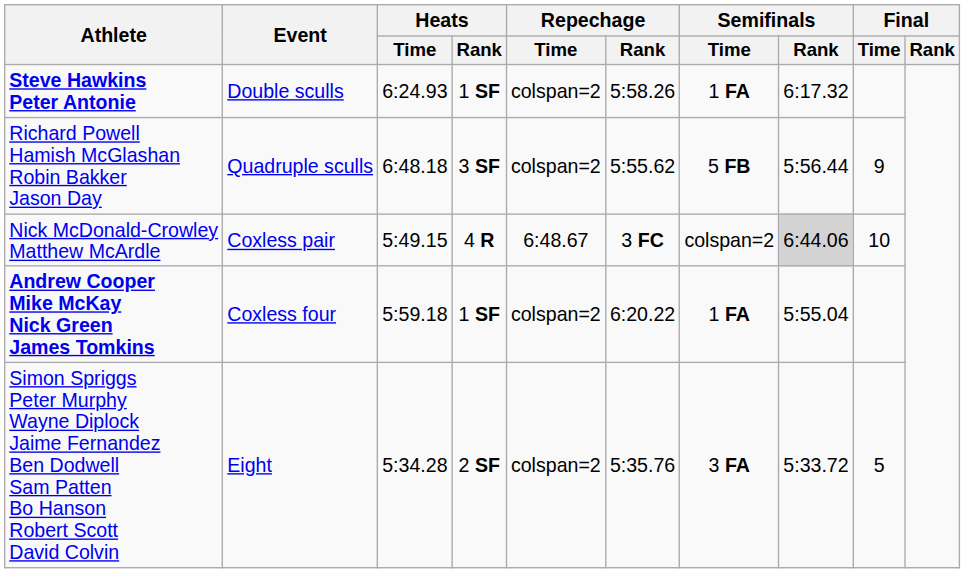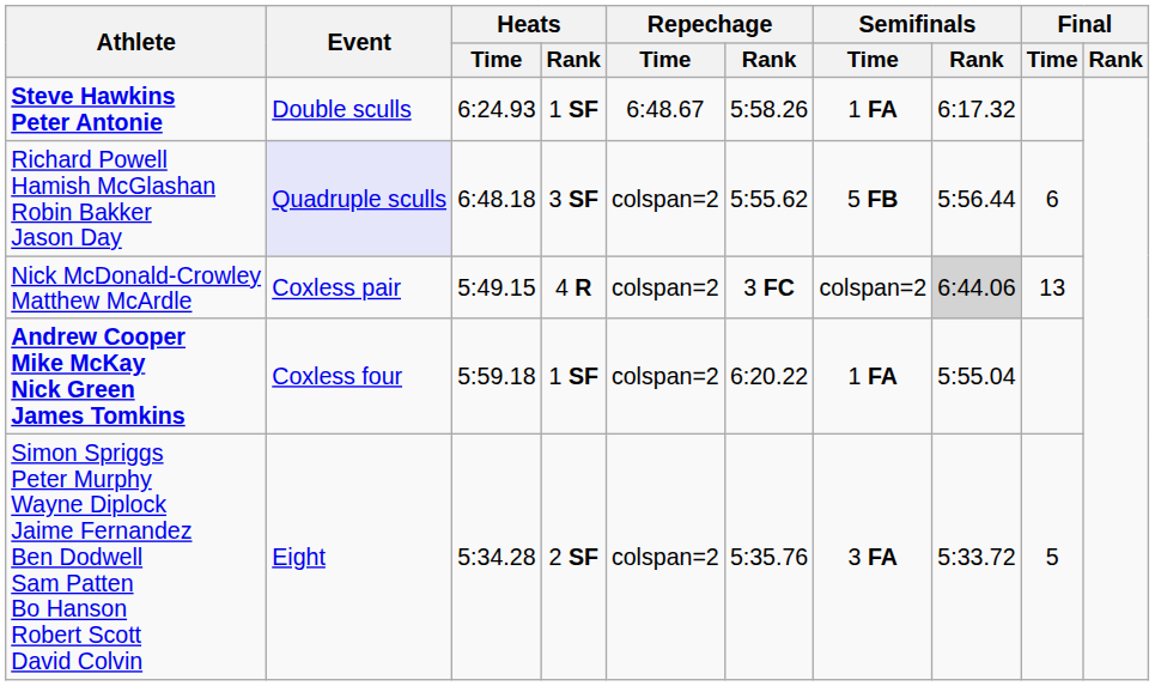 <table class="wikitable" style="font-size:90%">
 <tr>
 <th rowspan="2">Athlete</th>
 <th rowspan="2">Event</th>
 <th colspan="2">Heats</th>
 <th colspan="2">Repechage</th>
 <th colspan="2">Semifinals</th>
 <th colspan="2">Final</th>
 </tr>
 <tr style="font-size:95%">
 <th>Time</th>
 <th>Rank</th>
 <th>Time</th>
 <th>Rank</th>
 <th>Time</th>
 <th>Rank</th>
 <th>Time</th>
 <th>Rank</th>
 </tr>
 <tr align=center>
 <td align=left><strong><a href='#'>Steve Hawkins</a><br><a href='#'>Peter Antonie</a></strong></td>
 <td align=left><a href='#'>Double sculls</a></td>
 <td>6:24.93</td>
 <td>1 <strong>SF</strong></td>
-<td>colspan=2</td>
+<td>6:48.67</td>
 <td>5:58.26</td>
 <td>1 <strong>FA</strong></td>
 <td>6:17.32</td>
 <td></td>
 </tr>
 <tr align=center>
 <td align=left><a href='#'>Richard Powell</a><br><a href='#'>Hamish McGlashan</a><br><a href='#'>Robin Bakker</a><br><a href='#'>Jason Day</a></td>
-<td align=left><a href='#'>Quadruple sculls</a></td>
+<td align=left style="background: lavender;"><a href='#'>Quadruple sculls</a></td>
 <td>6:48.18</td>
 <td>3 <strong>SF</strong></td>
 <td>colspan=2</td>
 <td>5:55.62</td>
 <td>5 <strong>FB</strong></td>
 <td>5:56.44</td>
-<td>9</td>
+<td>6</td>
 </tr>
 <tr align=center>
 <td align=left><a href='#'>Nick McDonald-Crowley</a><br><a href='#'>Matthew McArdle</a></td>
 <td align=left><a href='#'>Coxless pair</a></td>
 <td>5:49.15</td>
 <td>4 <strong>R</strong></td>
-<td>6:48.67</td>
+<td>colspan=2</td>
 <td>3 <strong>FC</strong></td>
 <td>colspan=2</td>
 <td style="background: lightgrey;">6:44.06</td>
-<td>10</td>
+<td>13</td>
 </tr>
 <tr align=center>
 <td align=left><strong><a href='#'>Andrew Cooper</a><br><a href='#'>Mike McKay</a><br><a href='#'>Nick Green</a><br><a href='#'>James Tomkins</a></strong></td>
 <td align=left><a href='#'>Coxless four</a></td>
 <td>5:59.18</td>
 <td>1 <strong>SF</strong></td>
 <td>colspan=2</td>
 <td>6:20.22</td>
 <td>1 <strong>FA</strong></td>
 <td>5:55.04</td>
 <td></td>
 </tr>
 <tr align=center>
 <td align=left><a href='#'>Simon Spriggs</a><br><a href='#'>Peter Murphy</a><br><a href='#'>Wayne Diplock</a><br><a href='#'>Jaime Fernandez</a><br><a href='#'>Ben Dodwell</a><br><a href='#'>Sam Patten</a><br><a href='#'>Bo Hanson</a><br><a href='#'>Robert Scott</a><br><a href='#'>David Colvin</a></td>
 <td align=left><a href='#'>Eight</a></td>
 <td>5:34.28</td>
 <td>2 <strong>SF</strong></td>
 <td>colspan=2</td>
 <td>5:35.76</td>
 <td>3 <strong>FA</strong></td>
 <td>5:33.72</td>
 <td>5</td>
 </tr>
 </table>
